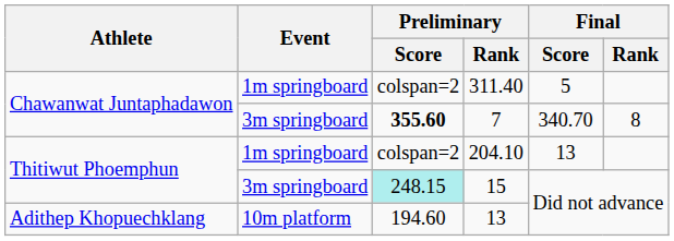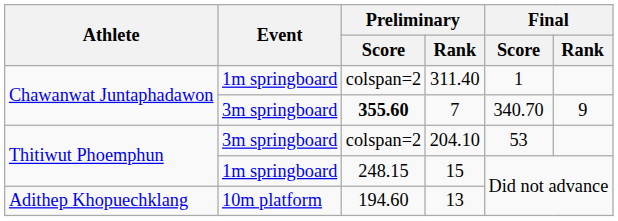 <table class="wikitable" style="font-size:90%;text-align:center">
 <tr>
 <th rowspan="2">Athlete</th>
 <th rowspan="2">Event</th>
 <th colspan="2">Preliminary</th>
 <th colspan="2">Final</th>
 </tr>
 <tr>
 <th>Score</th>
 <th>Rank</th>
 <th>Score</th>
 <th>Rank</th>
 </tr>
 <tr>
 <td align="left" rowspan="2"><a href='#'>Chawanwat Juntaphadawon</a></td>
 <td align="left"><a href='#'>1m springboard</a></td>
 <td>colspan=2 </td>
 <td>311.40</td>
-<td>5</td>
+<td>1</td>
 </tr>
 <tr>
 <td align="left"><a href='#'>3m springboard</a></td>
 <td><strong>355.60</strong></td>
 <td>7 <strong></strong></td>
 <td>340.70</td>
-<td>8</td>
+<td>9</td>
 </tr>
 <tr>
 <td align="left" rowspan="2"><a href='#'>Thitiwut Phoemphun</a></td>
-<td align="left"><a href='#'>1m springboard</a></td>
+<td align="left"><a href='#'>3m springboard</a></td>
 <td>colspan=2 </td>
 <td>204.10</td>
-<td>13</td>
+<td>53</td>
 </tr>
 <tr>
-<td align="left"><a href='#'>3m springboard</a></td>
-<td style="background: paleturquoise;">248.15</td>
+<td align="left"><a href='#'>1m springboard</a></td>
+<td>248.15</td>
 <td>15</td>
 <td rowspan=2 colspan=2>Did not advance</td>
 </tr>
 <tr>
 <td align="left"><a href='#'>Adithep Khopuechklang</a></td>
 <td align="left"><a href='#'>10m platform</a></td>
 <td>194.60</td>
 <td>13</td>
 </tr>
 </table>
